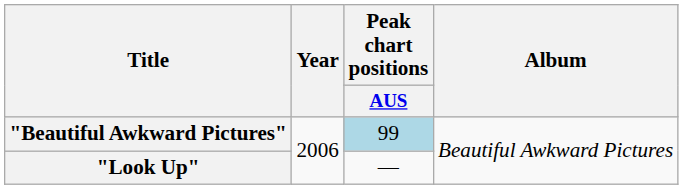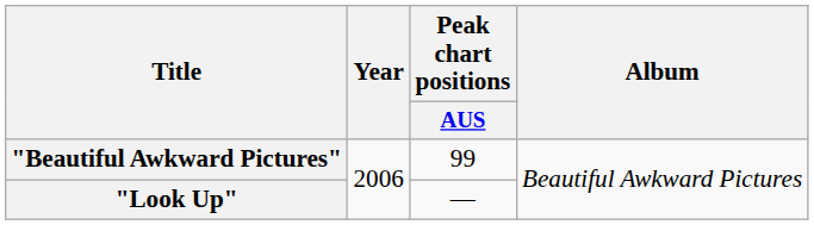 <table class="wikitable plainrowheaders" style="text-align:center;">
 <tr>
 <th scope="col" rowspan="2">Title</th>
 <th scope="col" rowspan="2">Year</th>
 <th scope="col" colspan="1">Peak chart positions</th>
 <th scope="col" rowspan="2">Album</th>
 </tr>
 <tr>
 <th scope="col" style="width:3em;font-size:90%;"><a href='#'>AUS</a><br></th>
 </tr>
 <tr>
 <th scope="row">"Beautiful Awkward Pictures"</th>
 <td rowspan="2">2006</td>
-<td style="background: lightblue;">99</td>
+<td>99</td>
 <td rowspan="2"><em>Beautiful Awkward Pictures</em></td>
 </tr>
 <tr>
 <th scope="row">"Look Up"</th>
 <td>—</td>
 </tr>
 </table>
